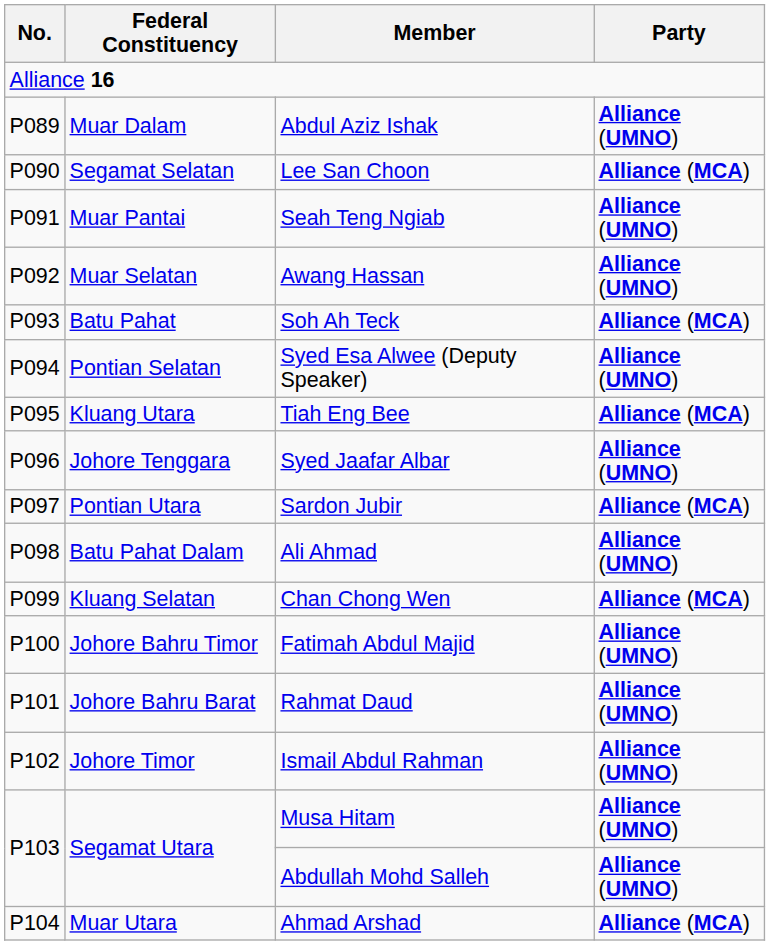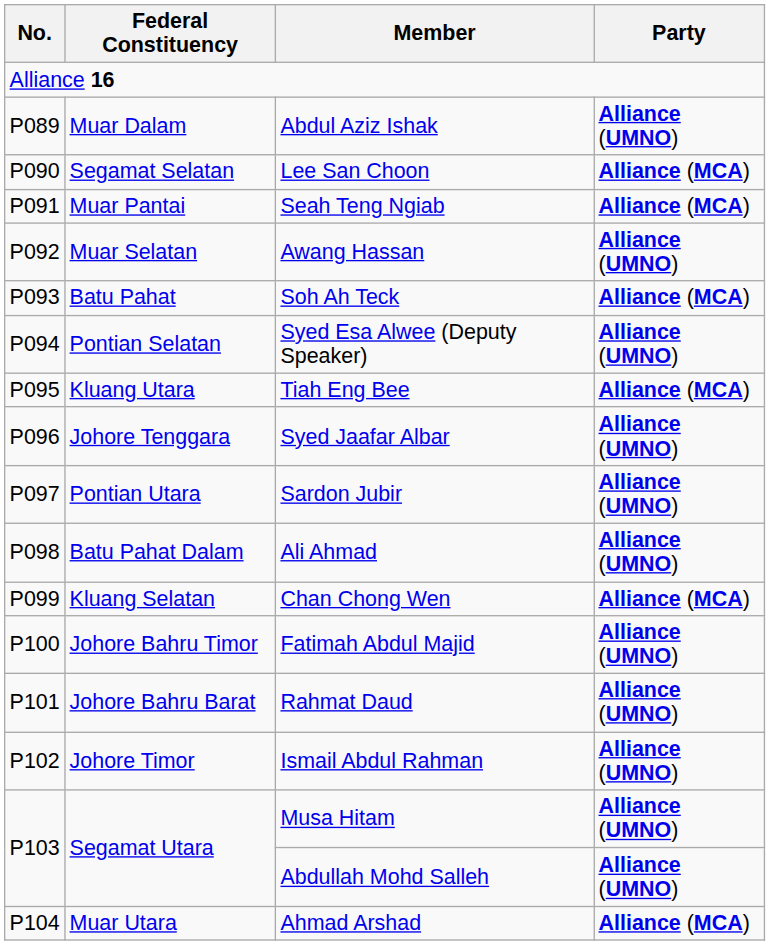 <table class="wikitable sortable">
 <tr>
 <th style="width:30px;">No.</th>
 <th style="width:150px;">Federal Constituency</th>
 <th style="width:230px;">Member</th>
 <th style="width:120px;">Party</th>
 </tr>
 <tr>
 <td colspan="4"><a href='#'>Alliance</a> <strong>16</strong></td>
 </tr>
 <tr>
 <td>P089</td>
 <td><a href='#'>Muar Dalam</a></td>
 <td><a href='#'>Abdul Aziz Ishak</a></td>
 <td><strong><a href='#'>Alliance</a></strong> (<strong><a href='#'>UMNO</a></strong>)</td>
 </tr>
 <tr>
 <td>P090</td>
 <td><a href='#'>Segamat Selatan</a></td>
 <td><a href='#'>Lee San Choon</a></td>
 <td><strong><a href='#'>Alliance</a></strong> (<strong><a href='#'>MCA</a></strong>)</td>
 </tr>
 <tr>
 <td>P091</td>
 <td><a href='#'>Muar Pantai</a></td>
 <td><a href='#'>Seah Teng Ngiab</a></td>
-<td><strong><a href='#'>Alliance</a></strong> (<strong><a href='#'>UMNO</a></strong>)</td>
+<td><strong><a href='#'>Alliance</a></strong> (<strong><a href='#'>MCA</a></strong>)</td>
 </tr>
 <tr>
 <td>P092</td>
 <td><a href='#'>Muar Selatan</a></td>
 <td><a href='#'>Awang Hassan</a></td>
 <td><strong><a href='#'>Alliance</a></strong> (<strong><a href='#'>UMNO</a></strong>)</td>
 </tr>
 <tr>
 <td>P093</td>
 <td><a href='#'>Batu Pahat</a></td>
 <td><a href='#'>Soh Ah Teck</a></td>
 <td><strong><a href='#'>Alliance</a></strong> (<strong><a href='#'>MCA</a></strong>)</td>
 </tr>
 <tr>
 <td>P094</td>
 <td><a href='#'>Pontian Selatan</a></td>
 <td><a href='#'>Syed Esa Alwee</a> (Deputy Speaker)</td>
 <td><strong><a href='#'>Alliance</a></strong> (<strong><a href='#'>UMNO</a></strong>)</td>
 </tr>
 <tr>
 <td>P095</td>
 <td><a href='#'>Kluang Utara</a></td>
 <td><a href='#'>Tiah Eng Bee</a></td>
 <td><strong><a href='#'>Alliance</a></strong> (<strong><a href='#'>MCA</a></strong>)</td>
 </tr>
 <tr>
 <td>P096</td>
 <td><a href='#'>Johore Tenggara</a></td>
 <td><a href='#'>Syed Jaafar Albar</a></td>
 <td><strong><a href='#'>Alliance</a></strong> (<strong><a href='#'>UMNO</a></strong>)</td>
 </tr>
 <tr>
 <td>P097</td>
 <td><a href='#'>Pontian Utara</a></td>
 <td><a href='#'>Sardon Jubir</a></td>
-<td><strong><a href='#'>Alliance</a></strong> (<strong><a href='#'>MCA</a></strong>)</td>
+<td><strong><a href='#'>Alliance</a></strong> (<strong><a href='#'>UMNO</a></strong>)</td>
 </tr>
 <tr>
 <td>P098</td>
 <td><a href='#'>Batu Pahat Dalam</a></td>
 <td><a href='#'>Ali Ahmad</a></td>
 <td><strong><a href='#'>Alliance</a></strong> (<strong><a href='#'>UMNO</a></strong>)</td>
 </tr>
 <tr>
 <td>P099</td>
 <td><a href='#'>Kluang Selatan</a></td>
 <td><a href='#'>Chan Chong Wen</a></td>
 <td><strong><a href='#'>Alliance</a></strong> (<strong><a href='#'>MCA</a></strong>)</td>
 </tr>
 <tr>
 <td>P100</td>
 <td><a href='#'>Johore Bahru Timor</a></td>
 <td><a href='#'>Fatimah Abdul Majid</a></td>
 <td><strong><a href='#'>Alliance</a></strong> (<strong><a href='#'>UMNO</a></strong>)</td>
 </tr>
 <tr>
 <td>P101</td>
 <td><a href='#'>Johore Bahru Barat</a></td>
 <td><a href='#'>Rahmat Daud</a></td>
 <td><strong><a href='#'>Alliance</a></strong> (<strong><a href='#'>UMNO</a></strong>)</td>
 </tr>
 <tr>
 <td>P102</td>
 <td><a href='#'>Johore Timor</a></td>
 <td><a href='#'>Ismail Abdul Rahman</a></td>
 <td><strong><a href='#'>Alliance</a></strong> (<strong><a href='#'>UMNO</a></strong>)</td>
 </tr>
 <tr>
 <td rowspan=2>P103</td>
 <td rowspan=2><a href='#'>Segamat Utara</a></td>
 <td><a href='#'>Musa Hitam</a> </td>
 <td><strong><a href='#'>Alliance</a></strong> (<strong><a href='#'>UMNO</a></strong>)</td>
 </tr>
 <tr>
 <td><a href='#'>Abdullah Mohd Salleh</a> </td>
 <td><strong><a href='#'>Alliance</a></strong> (<strong><a href='#'>UMNO</a></strong>)</td>
 </tr>
 <tr>
 <td>P104</td>
 <td><a href='#'>Muar Utara</a></td>
 <td><a href='#'>Ahmad Arshad</a></td>
 <td><strong><a href='#'>Alliance</a></strong> (<strong><a href='#'>MCA</a></strong>)</td>
 </tr>
 </table>
